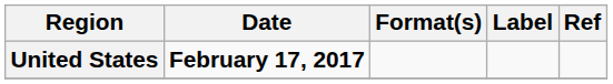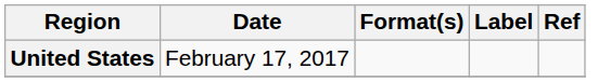 <table class="wikitable plainrowheaders">
 <tr>
 <th>Region</th>
 <th>Date</th>
 <th>Format(s)</th>
 <th>Label</th>
 <th>Ref</th>
 </tr>
 <tr>
 <th scope="row">United States</th>
-<td><strong>February 17, 2017</strong></td>
+<td>February 17, 2017</td>
 <td></td>
 <td></td>
 <td></td>
 </tr>
 <tr>
 </tr>
 </table>
